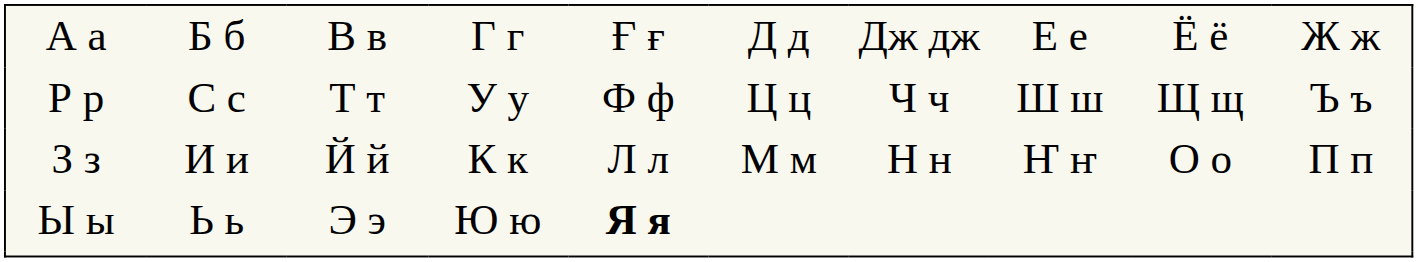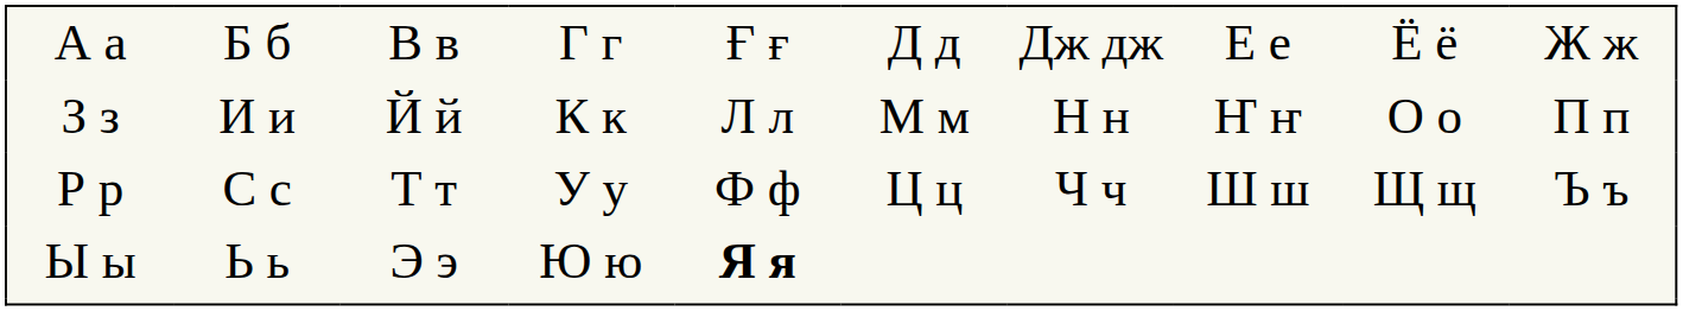 <table style="font-family:Arial Unicode MS; font-size:1.4em; border-color:#000; border-width:1px; border-style:solid; border-collapse:collapse; background:#f8f8ef;">
 <tr>
 <td style="width:3em; text-align:center; padding: 3px;">А а</td>
 <td style="width:3em; text-align:center; padding: 3px;">Б б</td>
 <td style="width:3em; text-align:center; padding: 3px;">В в</td>
 <td style="width:3em; text-align:center; padding: 3px;">Г г</td>
 <td style="width:3em; text-align:center; padding: 3px;">Ғ ғ</td>
 <td style="width:3em; text-align:center; padding: 3px;">Д д</td>
 <td style="width:3em; text-align:center; padding: 3px;">Дж дж</td>
 <td style="width:3em; text-align:center; padding: 3px;">Е е</td>
 <td style="width:3em; text-align:center; padding: 3px;">Ё ё</td>
 <td style="width:3em; text-align:center; padding: 3px;">Ж ж</td>
 </tr>
 <tr>
+<td style="width:3em; text-align:center; padding: 3px;">З з</td>
+<td style="width:3em; text-align:center; padding: 3px;">И и</td>
+<td style="width:3em; text-align:center; padding: 3px;">Й й</td>
+<td style="width:3em; text-align:center; padding: 3px;">К к</td>
+<td style="width:3em; text-align:center; padding: 3px;">Л л</td>
+<td style="width:3em; text-align:center; padding: 3px;">М м</td>
+<td style="width:3em; text-align:center; padding: 3px;">Н н</td>
+<td style="width:3em; text-align:center; padding: 3px;">Ҥ ҥ</td>
+<td style="width:3em; text-align:center; padding: 3px;">О о</td>
+<td style="width:3em; text-align:center; padding: 3px;">П п</td>
+</tr>
+<tr>
 <td style="width:3em; text-align:center; padding: 3px;">Р р</td>
 <td style="width:3em; text-align:center; padding: 3px;">С с</td>
 <td style="width:3em; text-align:center; padding: 3px;">Т т</td>
 <td style="width:3em; text-align:center; padding: 3px;">У у</td>
 <td style="width:3em; text-align:center; padding: 3px;">Ф ф</td>
 <td style="width:3em; text-align:center; padding: 3px;">Ц ц</td>
 <td style="width:3em; text-align:center; padding: 3px;">Ч ч</td>
 <td style="width:3em; text-align:center; padding: 3px;">Ш ш</td>
 <td style="width:3em; text-align:center; padding: 3px;">Щ щ</td>
 <td style="width:3em; text-align:center; padding: 3px;">Ъ ъ</td>
-</tr>
-<tr>
-<td style="width:3em; text-align:center; padding: 3px;">З з</td>
-<td style="width:3em; text-align:center; padding: 3px;">И и</td>
-<td style="width:3em; text-align:center; padding: 3px;">Й й</td>
-<td style="width:3em; text-align:center; padding: 3px;">К к</td>
-<td style="width:3em; text-align:center; padding: 3px;">Л л</td>
-<td style="width:3em; text-align:center; padding: 3px;">М м</td>
-<td style="width:3em; text-align:center; padding: 3px;">Н н</td>
-<td style="width:3em; text-align:center; padding: 3px;">Ҥ ҥ</td>
-<td style="width:3em; text-align:center; padding: 3px;">О о</td>
-<td style="width:3em; text-align:center; padding: 3px;">П п</td>
 </tr>
 <tr>
 <td style="width:3em; text-align:center; padding: 3px;">Ы ы</td>
 <td style="width:3em; text-align:center; padding: 3px;">Ь ь</td>
 <td style="width:3em; text-align:center; padding: 3px;">Э э</td>
 <td style="width:3em; text-align:center; padding: 3px;">Ю ю</td>
 <td style="width:3em; text-align:center; padding: 3px;"><strong>Я я</strong></td>
 <td></td>
 <td></td>
 <td></td>
 <td></td>
 <td></td>
 </tr>
 <tr>
 <td></td>
 <td></td>
 <td></td>
 </tr>
 </table>
